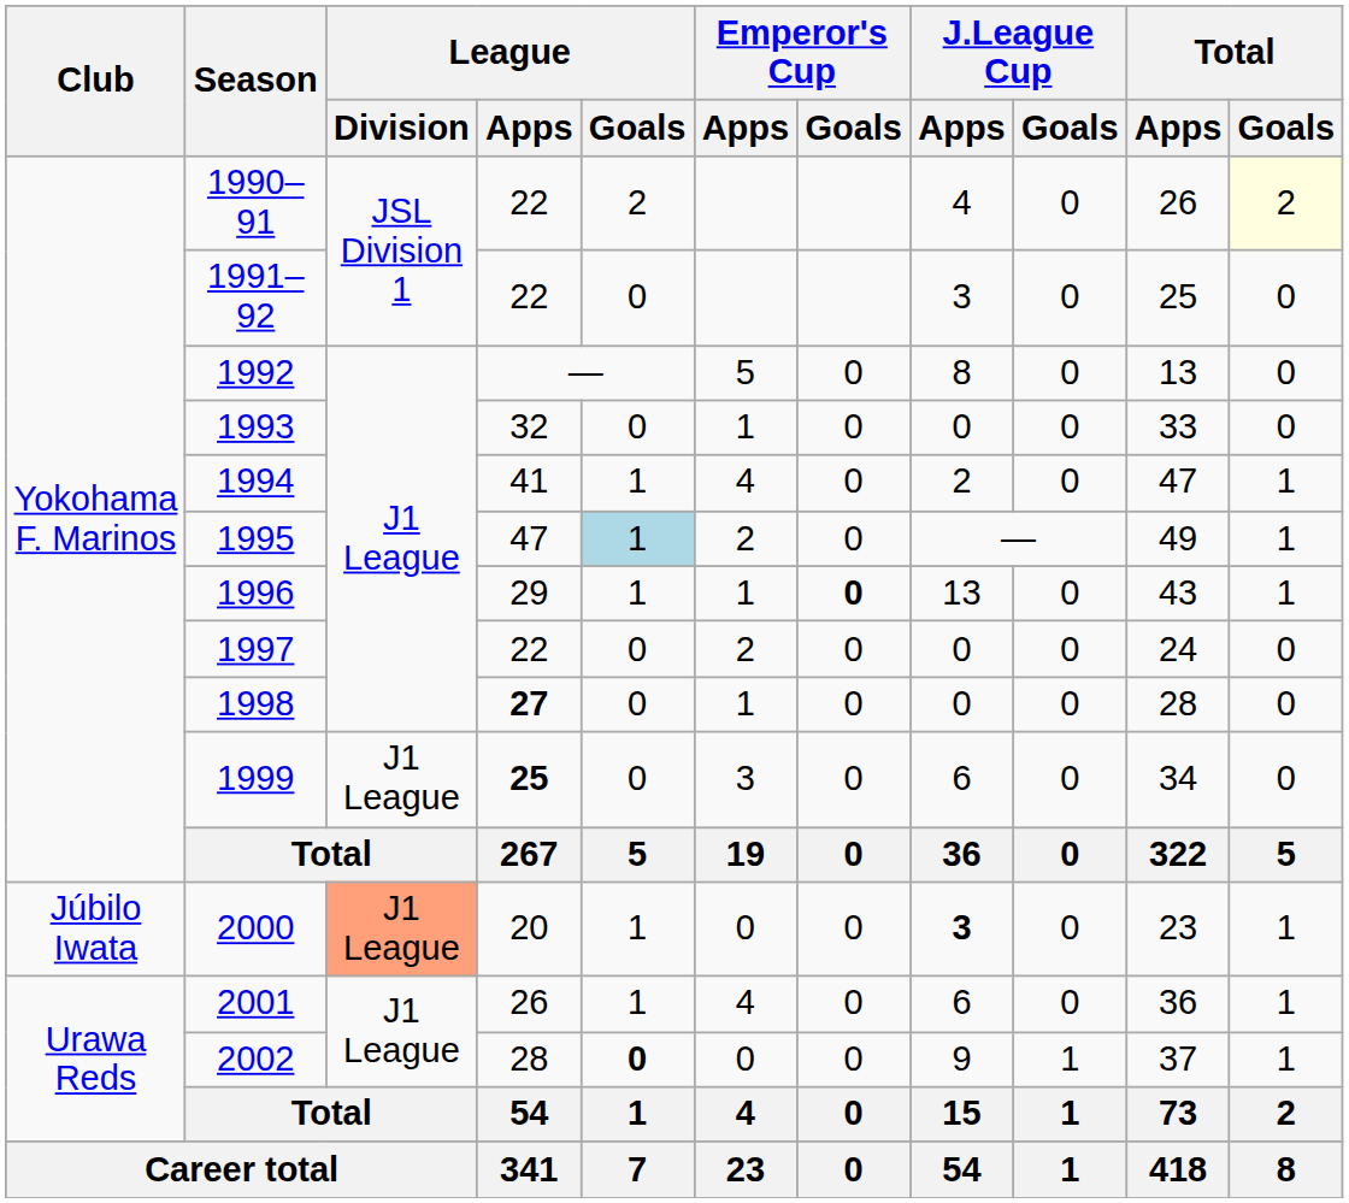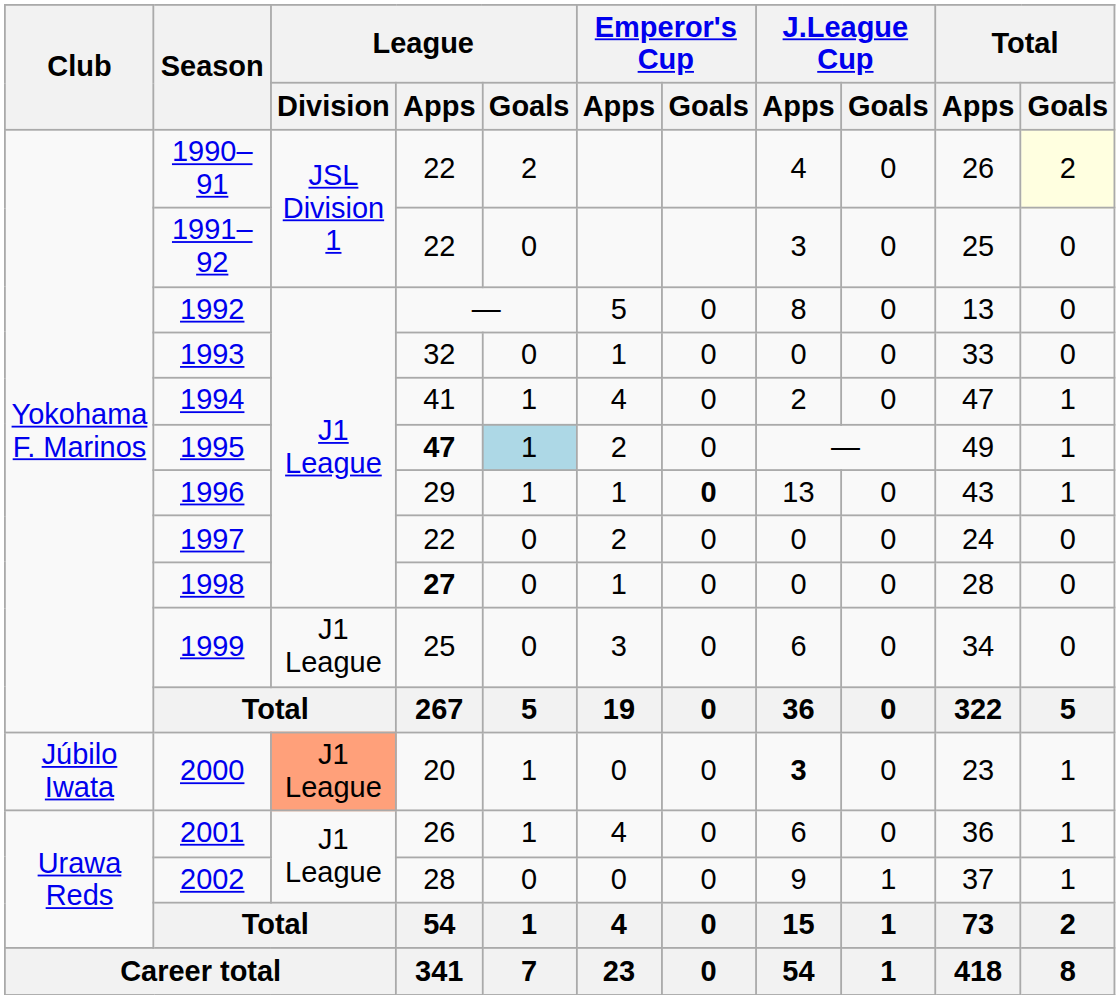 <table class="wikitable" style="text-align:center">
 <tr>
 <th rowspan="2">Club</th>
 <th rowspan="2">Season</th>
 <th colspan="3">League</th>
 <th colspan="2"><a href='#'>Emperor's Cup</a></th>
 <th colspan="2"><a href='#'>J.League Cup</a></th>
 <th colspan="2">Total</th>
 </tr>
 <tr>
 <th>Division</th>
 <th>Apps</th>
 <th>Goals</th>
 <th>Apps</th>
 <th>Goals</th>
 <th>Apps</th>
 <th>Goals</th>
 <th>Apps</th>
 <th>Goals</th>
 </tr>
 <tr>
 <td rowspan="11"><a href='#'>Yokohama F. Marinos</a></td>
 <td><a href='#'>1990–91</a></td>
 <td rowspan="2"><a href='#'>JSL Division 1</a></td>
 <td>22</td>
 <td>2</td>
 <td></td>
 <td></td>
 <td>4</td>
 <td>0</td>
 <td>26</td>
 <td style="background: lightyellow;">2</td>
 </tr>
 <tr>
 <td><a href='#'>1991–92</a></td>
 <td>22</td>
 <td>0</td>
 <td></td>
 <td></td>
 <td>3</td>
 <td>0</td>
 <td>25</td>
 <td>0</td>
 </tr>
 <tr>
 <td><a href='#'>1992</a></td>
 <td rowspan="7"><a href='#'>J1 League</a></td>
 <td colspan="2">—</td>
 <td>5</td>
 <td>0</td>
 <td>8</td>
 <td>0</td>
 <td>13</td>
 <td>0</td>
 </tr>
 <tr>
 <td><a href='#'>1993</a></td>
 <td>32</td>
 <td>0</td>
 <td>1</td>
 <td>0</td>
 <td>0</td>
 <td>0</td>
 <td>33</td>
 <td>0</td>
 </tr>
 <tr>
 <td><a href='#'>1994</a></td>
 <td>41</td>
 <td>1</td>
 <td>4</td>
 <td>0</td>
 <td>2</td>
 <td>0</td>
 <td>47</td>
 <td>1</td>
 </tr>
 <tr>
 <td><a href='#'>1995</a></td>
-<td>47</td>
+<td><strong>47</strong></td>
 <td style="background: lightblue;">1</td>
 <td>2</td>
 <td>0</td>
 <td colspan="2">—</td>
 <td>49</td>
 <td>1</td>
 </tr>
 <tr>
 <td><a href='#'>1996</a></td>
 <td>29</td>
 <td>1</td>
 <td>1</td>
 <td><strong>0</strong></td>
 <td>13</td>
 <td>0</td>
 <td>43</td>
 <td>1</td>
 </tr>
 <tr>
 <td><a href='#'>1997</a></td>
 <td>22</td>
 <td>0</td>
 <td>2</td>
 <td>0</td>
 <td>0</td>
 <td>0</td>
 <td>24</td>
 <td>0</td>
 </tr>
 <tr>
 <td><a href='#'>1998</a></td>
 <td><strong>27</strong></td>
 <td>0</td>
 <td>1</td>
 <td>0</td>
 <td>0</td>
 <td>0</td>
 <td>28</td>
 <td>0</td>
 </tr>
 <tr>
 <td><a href='#'>1999</a></td>
 <td>J1 League</td>
-<td><strong>25</strong></td>
+<td>25</td>
 <td>0</td>
 <td>3</td>
 <td>0</td>
 <td>6</td>
 <td>0</td>
 <td>34</td>
 <td>0</td>
 </tr>
 <tr>
 <th colspan="2">Total</th>
 <th>267</th>
 <th>5</th>
 <th>19</th>
 <th>0</th>
 <th>36</th>
 <th>0</th>
 <th>322</th>
 <th>5</th>
 </tr>
 <tr>
 <td><a href='#'>Júbilo Iwata</a></td>
 <td><a href='#'>2000</a></td>
 <td style="background: lightsalmon;">J1 League</td>
 <td>20</td>
 <td>1</td>
 <td>0</td>
 <td>0</td>
 <td><strong>3</strong></td>
 <td>0</td>
 <td>23</td>
 <td>1</td>
 </tr>
 <tr>
 <td rowspan="3"><a href='#'>Urawa Reds</a></td>
 <td><a href='#'>2001</a></td>
 <td rowspan="2">J1 League</td>
 <td>26</td>
 <td>1</td>
 <td>4</td>
 <td>0</td>
 <td>6</td>
 <td>0</td>
 <td>36</td>
 <td>1</td>
 </tr>
 <tr>
 <td><a href='#'>2002</a></td>
 <td>28</td>
-<td><strong>0</strong></td>
+<td>0</td>
 <td>0</td>
 <td>0</td>
 <td>9</td>
 <td>1</td>
 <td>37</td>
 <td>1</td>
 </tr>
 <tr>
 <th colspan="2">Total</th>
 <th>54</th>
 <th>1</th>
 <th>4</th>
 <th>0</th>
 <th>15</th>
 <th>1</th>
 <th>73</th>
 <th>2</th>
 </tr>
 <tr>
 <th colspan="3">Career total</th>
 <th>341</th>
 <th>7</th>
 <th>23</th>
 <th>0</th>
 <th>54</th>
 <th>1</th>
 <th>418</th>
 <th>8</th>
 </tr>
 </table>
